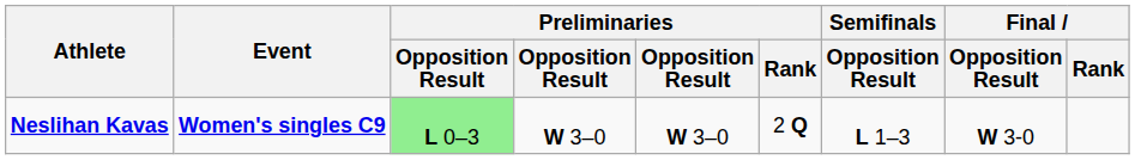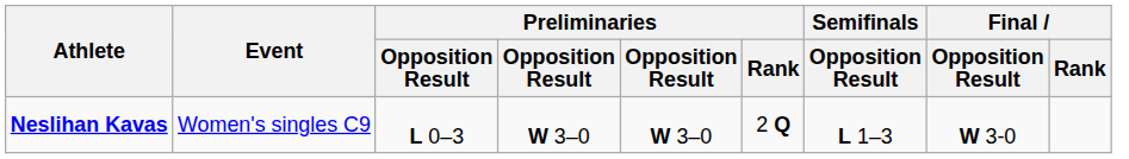 <table class=wikitable style="font-size:90%">
 <tr>
 <th rowspan="2">Athlete</th>
 <th rowspan="2">Event</th>
 <th colspan="4">Preliminaries</th>
 <th>Semifinals</th>
 <th colspan="2">Final / </th>
 </tr>
 <tr>
 <th>Opposition<br>Result</th>
 <th>Opposition<br>Result</th>
 <th>Opposition<br>Result</th>
 <th>Rank</th>
 <th>Opposition<br>Result</th>
 <th>Opposition<br>Result</th>
 <th>Rank</th>
 </tr>
 <tr>
 <td><strong><a href='#'>Neslihan Kavas</a></strong></td>
-<td><strong><a href='#'>Women's singles C9</a></strong></td>
-<td align="center" style="background: lightgreen;"><br><strong>L</strong> 0–3</td>
+<td><a href='#'>Women's singles C9</a></td>
+<td align="center"><br><strong>L</strong> 0–3</td>
 <td align="center"><br><strong>W</strong> 3–0</td>
 <td align="center"><br><strong>W</strong> 3–0</td>
 <td align="center">2 <strong>Q</strong></td>
 <td align="center"><br><strong>L</strong> 1–3</td>
 <td align="center"><br><strong>W</strong> 3-0</td>
 <td align="center"></td>
 </tr>
 </table>
